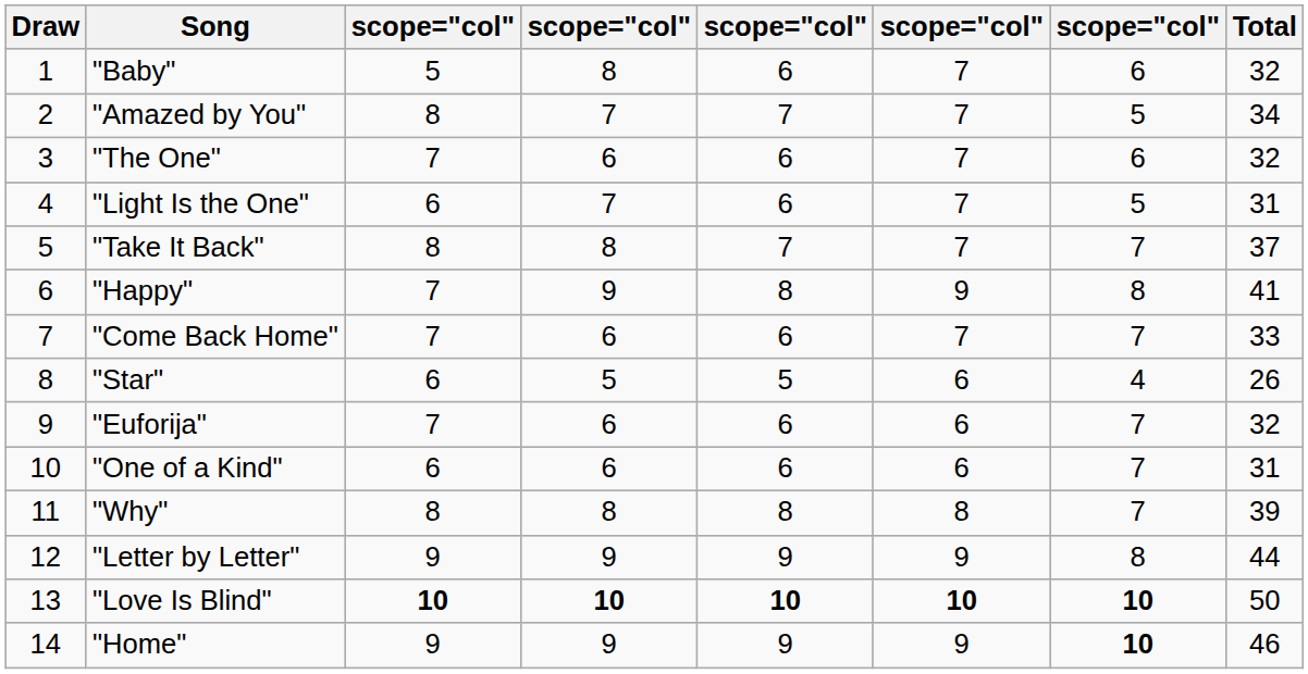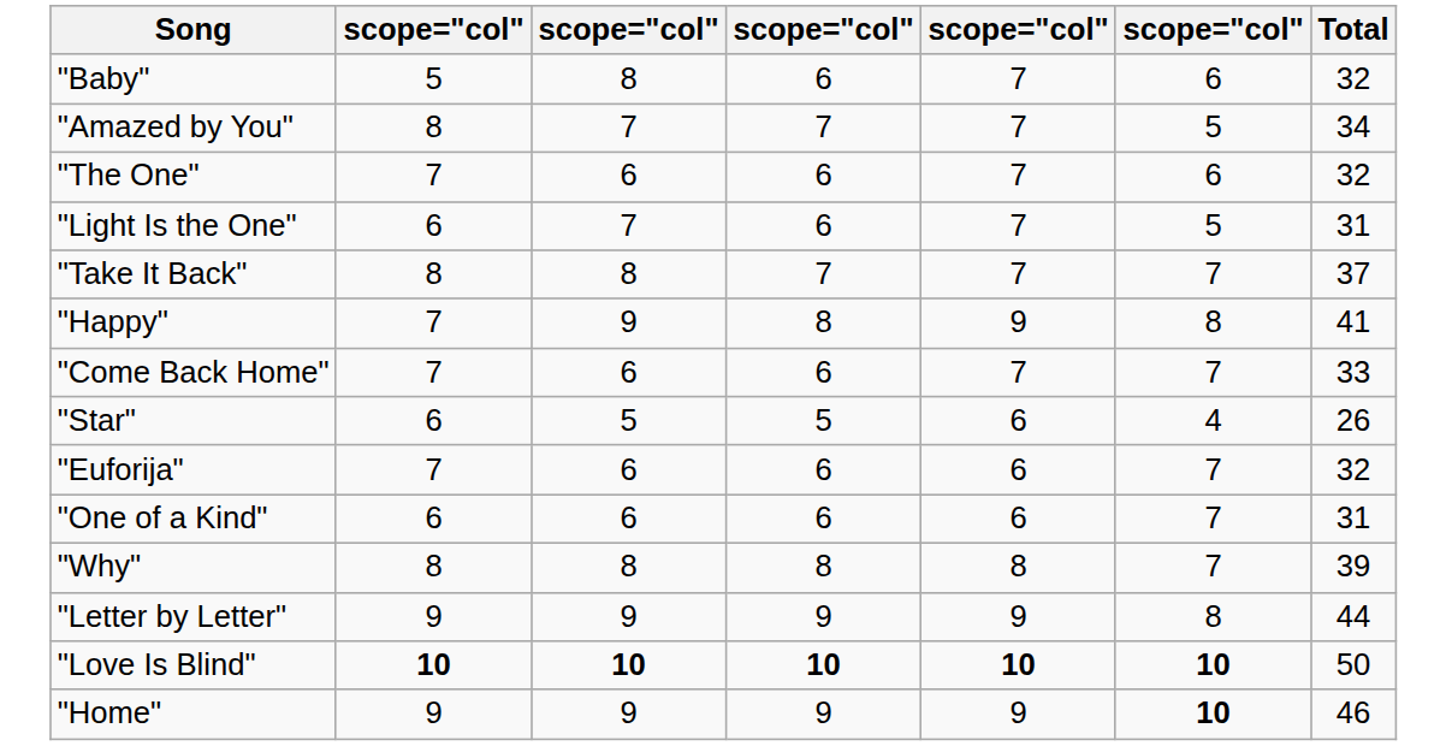 <table class="wikitable collapsible" style="margin: 1em auto 1em auto; text-align:center;">
 <tr>
-<th>Draw</th>
 <th>Song</th>
 <th>scope="col" </th>
 <th>scope="col" </th>
 <th>scope="col" </th>
 <th>scope="col" </th>
 <th>scope="col" </th>
 <th>Total</th>
 </tr>
 <tr>
-<td>1</td>
 <td align="left">"Baby"</td>
 <td>5</td>
 <td>8</td>
 <td>6</td>
 <td>7</td>
 <td>6</td>
 <td>32</td>
 </tr>
 <tr>
-<td>2</td>
 <td align="left">"Amazed by You"</td>
 <td>8</td>
 <td>7</td>
 <td>7</td>
 <td>7</td>
 <td>5</td>
 <td>34</td>
 </tr>
 <tr>
-<td>3</td>
 <td align="left">"The One"</td>
 <td>7</td>
 <td>6</td>
 <td>6</td>
 <td>7</td>
 <td>6</td>
 <td>32</td>
 </tr>
 <tr>
-<td>4</td>
 <td align="left">"Light Is the One"</td>
 <td>6</td>
 <td>7</td>
 <td>6</td>
 <td>7</td>
 <td>5</td>
 <td>31</td>
 </tr>
 <tr>
-<td>5</td>
 <td align="left">"Take It Back"</td>
 <td>8</td>
 <td>8</td>
 <td>7</td>
 <td>7</td>
 <td>7</td>
 <td>37</td>
 </tr>
 <tr>
-<td>6</td>
 <td align="left">"Happy"</td>
 <td>7</td>
 <td>9</td>
 <td>8</td>
 <td>9</td>
 <td>8</td>
 <td>41</td>
 </tr>
 <tr>
-<td>7</td>
 <td align="left">"Come Back Home"</td>
 <td>7</td>
 <td>6</td>
 <td>6</td>
 <td>7</td>
 <td>7</td>
 <td>33</td>
 </tr>
 <tr>
-<td>8</td>
 <td align="left">"Star"</td>
 <td>6</td>
 <td>5</td>
 <td>5</td>
 <td>6</td>
 <td>4</td>
 <td>26</td>
 </tr>
 <tr>
-<td>9</td>
 <td align="left">"Euforija"</td>
 <td>7</td>
 <td>6</td>
 <td>6</td>
 <td>6</td>
 <td>7</td>
 <td>32</td>
 </tr>
 <tr>
-<td>10</td>
 <td align="left">"One of a Kind"</td>
 <td>6</td>
 <td>6</td>
 <td>6</td>
 <td>6</td>
 <td>7</td>
 <td>31</td>
 </tr>
 <tr>
-<td>11</td>
 <td align="left">"Why"</td>
 <td>8</td>
 <td>8</td>
 <td>8</td>
 <td>8</td>
 <td>7</td>
 <td>39</td>
 </tr>
 <tr>
-<td>12</td>
 <td align="left">"Letter by Letter"</td>
 <td>9</td>
 <td>9</td>
 <td>9</td>
 <td>9</td>
 <td>8</td>
 <td>44</td>
 </tr>
 <tr>
-<td>13</td>
 <td align="left">"Love Is Blind"</td>
 <td><strong>10</strong></td>
 <td><strong>10</strong></td>
 <td><strong>10</strong></td>
 <td><strong>10</strong></td>
 <td><strong>10</strong></td>
 <td>50</td>
 </tr>
 <tr>
-<td>14</td>
 <td align="left">"Home"</td>
 <td>9</td>
 <td>9</td>
 <td>9</td>
 <td>9</td>
 <td><strong>10</strong></td>
 <td>46</td>
 </tr>
 </table>
